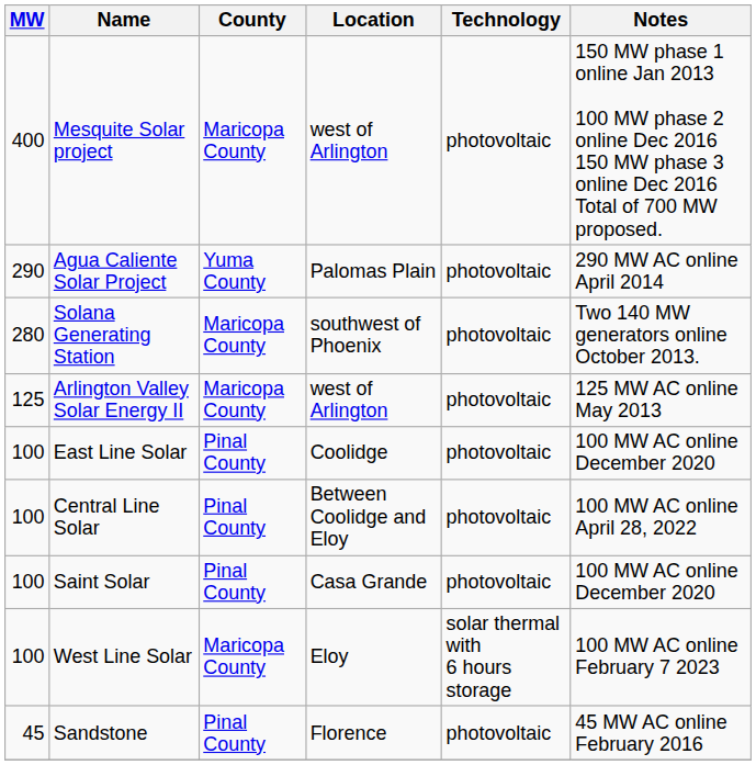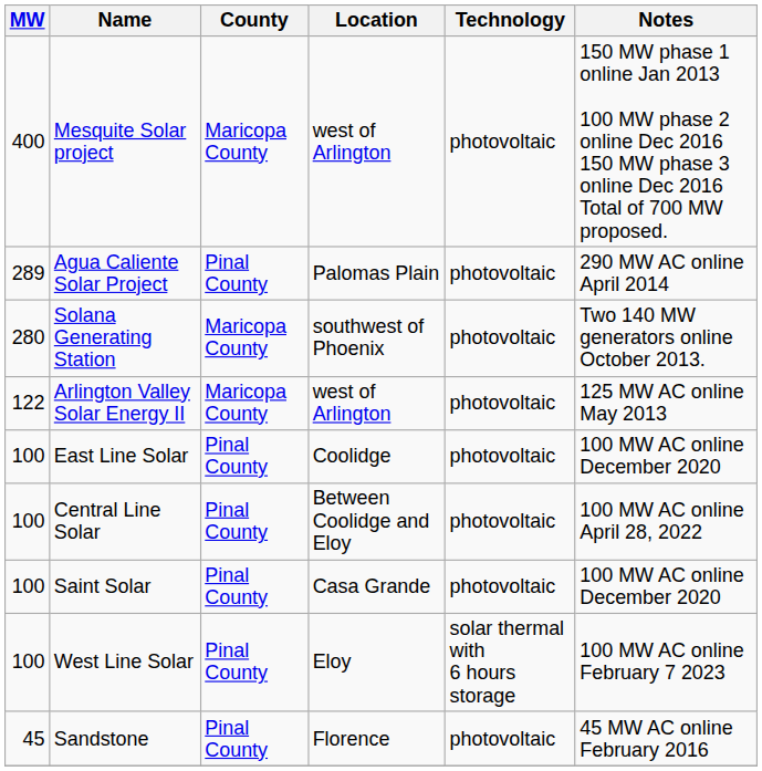 <table class="wikitable sortable" style="text-align:left">
 <tr>
 <th><a href='#'>MW</a></th>
 <th>Name</th>
 <th>County</th>
 <th>Location</th>
 <th>Technology</th>
 <th>Notes</th>
 </tr>
 <tr>
 <td align=right>400</td>
 <td><a href='#'>Mesquite Solar project</a></td>
 <td><a href='#'>Maricopa County</a></td>
 <td>west of <a href='#'>Arlington</a> <br></td>
 <td>photovoltaic</td>
 <td>150 MW phase 1 online Jan 2013 <br><br>100 MW phase 2 online Dec 2016 <br> 150 MW phase 3 online Dec 2016 <br> Total of 700 MW proposed.</td>
 </tr>
 <tr>
-<td align=right>290</td>
+<td align=right>289</td>
 <td><a href='#'>Agua Caliente Solar Project</a></td>
-<td><a href='#'>Yuma County</a></td>
+<td><a href='#'>Pinal County</a></td>
 <td>Palomas Plain <br></td>
 <td>photovoltaic</td>
 <td>290 MW AC online April 2014</td>
 </tr>
 <tr>
 <td align=right>280</td>
 <td><a href='#'>Solana Generating Station</a></td>
 <td><a href='#'>Maricopa County</a></td>
 <td>southwest of Phoenix <br></td>
 <td>photovoltaic</td>
 <td>Two 140 MW generators online October 2013.</td>
 </tr>
 <tr>
-<td align=right>125</td>
+<td align=right>122</td>
 <td><a href='#'>Arlington Valley Solar Energy II</a></td>
 <td><a href='#'>Maricopa County</a></td>
 <td>west of <a href='#'>Arlington</a> <br></td>
 <td>photovoltaic</td>
 <td>125 MW AC online May 2013</td>
 </tr>
 <tr>
 <td align=right>100</td>
 <td>East Line Solar</td>
 <td><a href='#'>Pinal County</a></td>
 <td>Coolidge</td>
 <td>photovoltaic</td>
 <td>100 MW AC online December 2020</td>
 </tr>
 <tr>
 <td align=right>100</td>
 <td>Central Line Solar</td>
 <td><a href='#'>Pinal County</a></td>
 <td>Between Coolidge and Eloy</td>
 <td>photovoltaic</td>
 <td>100 MW AC online April 28, 2022</td>
 </tr>
 <tr>
 <td align=right>100</td>
 <td>Saint Solar</td>
 <td><a href='#'>Pinal County</a></td>
 <td>Casa Grande</td>
 <td>photovoltaic</td>
 <td>100 MW AC online December 2020</td>
 </tr>
 <tr>
 <td align=right>100</td>
 <td>West Line Solar</td>
-<td><a href='#'>Maricopa County</a></td>
+<td><a href='#'>Pinal County</a></td>
 <td>Eloy  <br></td>
 <td>solar thermal with<br>6 hours storage</td>
 <td>100 MW AC online February 7 2023</td>
 </tr>
 <tr>
 <td align=right>45</td>
 <td>Sandstone</td>
 <td><a href='#'>Pinal County</a></td>
 <td>Florence  <br></td>
 <td>photovoltaic</td>
 <td>45 MW AC online February 2016</td>
 </tr>
 <tr>
 </tr>
 </table>
